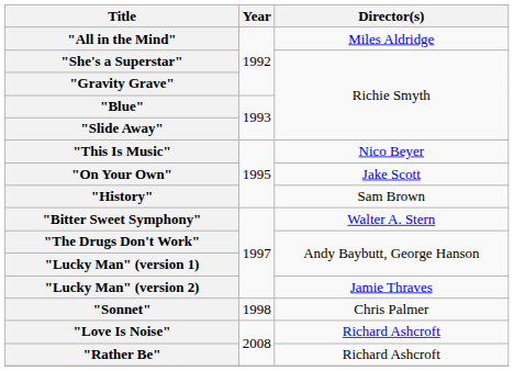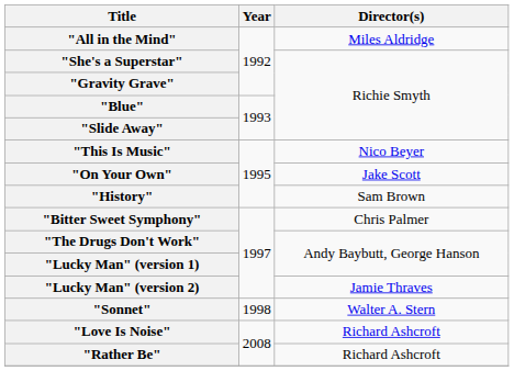 <table class="wikitable plainrowheaders" style="text-align:center;">
 <tr>
 <th scope="col" style="width:16em;">Title</th>
 <th scope="col">Year</th>
 <th scope="col" style="width:16em;">Director(s)</th>
 </tr>
 <tr>
 <th scope="row">"All in the Mind"</th>
 <td rowspan="3">1992</td>
 <td><a href='#'>Miles Aldridge</a></td>
 </tr>
 <tr>
 <th scope="row">"She's a Superstar"</th>
 <td rowspan="4">Richie Smyth</td>
 </tr>
 <tr>
 <th scope="row">"Gravity Grave"</th>
 </tr>
 <tr>
 <th scope="row">"Blue"</th>
 <td rowspan="2">1993</td>
 </tr>
 <tr>
 <th scope="row">"Slide Away"</th>
 </tr>
 <tr>
 <th scope="row">"This Is Music"</th>
 <td rowspan="3">1995</td>
 <td><a href='#'>Nico Beyer</a></td>
 </tr>
 <tr>
 <th scope="row">"On Your Own"</th>
 <td><a href='#'>Jake Scott</a></td>
 </tr>
 <tr>
 <th scope="row">"History"</th>
 <td>Sam Brown</td>
 </tr>
 <tr>
 <th scope="row">"Bitter Sweet Symphony"</th>
 <td rowspan="4">1997</td>
-<td><a href='#'>Walter A. Stern</a></td>
+<td>Chris Palmer</td>
 </tr>
 <tr>
 <th scope="row">"The Drugs Don't Work"</th>
 <td rowspan="2">Andy Baybutt, George Hanson</td>
 </tr>
 <tr>
 <th scope="row">"Lucky Man" (version 1)</th>
 </tr>
 <tr>
 <th scope="row">"Lucky Man" (version 2)</th>
 <td><a href='#'>Jamie Thraves</a></td>
 </tr>
 <tr>
 <th scope="row">"Sonnet"</th>
 <td>1998</td>
-<td>Chris Palmer</td>
+<td><a href='#'>Walter A. Stern</a></td>
 </tr>
 <tr>
 <th scope="row">"Love Is Noise"</th>
 <td rowspan="2">2008</td>
 <td><a href='#'>Richard Ashcroft</a></td>
 </tr>
 <tr>
 <th scope="row">"Rather Be"</th>
 <td>Richard Ashcroft</td>
 </tr>
 <tr>
 </tr>
 </table>
